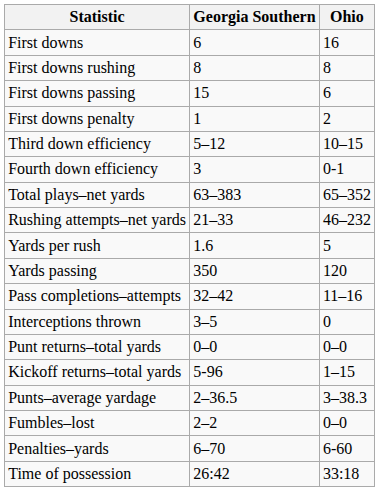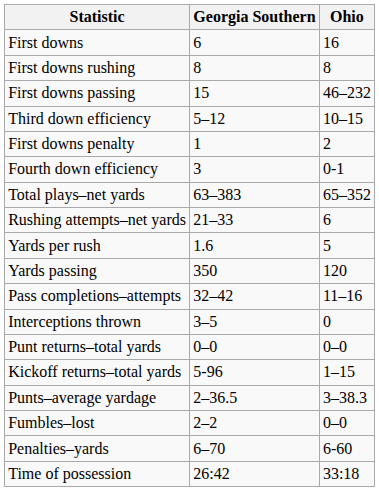 <table class="wikitable">
 <tr>
 <th>Statistic</th>
 <th><strong>Georgia Southern</strong></th>
 <th><strong>Ohio</strong></th>
 </tr>
 <tr>
 <td>First downs</td>
 <td>6</td>
 <td>16</td>
 </tr>
 <tr>
 <td>First downs rushing</td>
 <td>8</td>
 <td>8</td>
 </tr>
 <tr>
 <td>First downs passing</td>
 <td>15</td>
-<td>6</td>
+<td>46–232</td>
+</tr>
+<tr>
+<td>Third down efficiency</td>
+<td>5–12</td>
+<td>10–15</td>
 </tr>
 <tr>
 <td>First downs penalty</td>
 <td>1</td>
 <td>2</td>
-</tr>
-<tr>
-<td>Third down efficiency</td>
-<td>5–12</td>
-<td>10–15</td>
 </tr>
 <tr>
 <td>Fourth down efficiency</td>
 <td>3</td>
 <td>0-1</td>
 </tr>
 <tr>
 <td>Total plays–net yards</td>
 <td>63–383</td>
 <td>65–352</td>
 </tr>
 <tr>
 <td>Rushing attempts–net yards</td>
 <td>21–33</td>
-<td>46–232</td>
+<td>6</td>
 </tr>
 <tr>
 <td>Yards per rush</td>
 <td>1.6</td>
 <td>5</td>
 </tr>
 <tr>
 <td>Yards passing</td>
 <td>350</td>
 <td>120</td>
 </tr>
 <tr>
 <td>Pass completions–attempts</td>
 <td>32–42</td>
 <td>11–16</td>
 </tr>
 <tr>
 <td>Interceptions thrown</td>
 <td>3–5</td>
 <td>0</td>
 </tr>
 <tr>
 <td>Punt returns–total yards</td>
 <td>0–0</td>
 <td>0–0</td>
 </tr>
 <tr>
 <td>Kickoff returns–total yards</td>
 <td>5-96</td>
 <td>1–15</td>
 </tr>
 <tr>
 <td>Punts–average yardage</td>
 <td>2–36.5</td>
 <td>3–38.3</td>
 </tr>
 <tr>
 <td>Fumbles–lost</td>
 <td>2–2</td>
 <td>0–0</td>
 </tr>
 <tr>
 <td>Penalties–yards</td>
 <td>6–70</td>
 <td>6-60</td>
 </tr>
 <tr>
 <td>Time of possession</td>
 <td>26:42</td>
 <td>33:18</td>
 </tr>
 </table>
